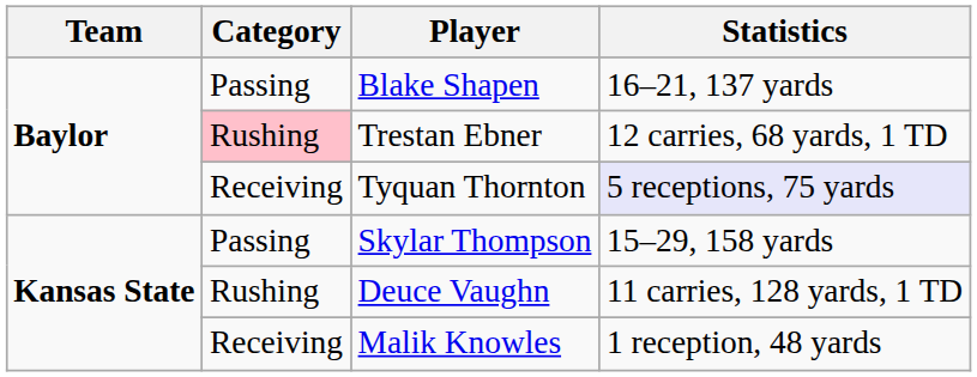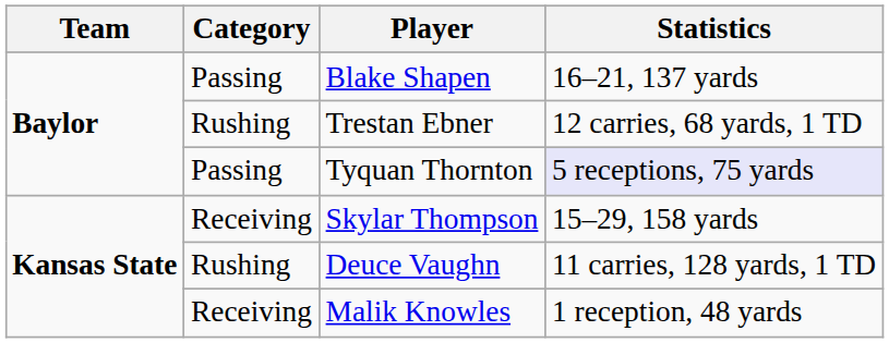 <table class="wikitable" style="float: right;">
 <tr>
 <th>Team</th>
 <th>Category</th>
 <th>Player</th>
 <th>Statistics</th>
 </tr>
 <tr>
 <td rowspan=3><strong>Baylor</strong></td>
 <td>Passing</td>
 <td><a href='#'>Blake Shapen</a></td>
 <td>16–21, 137 yards</td>
 </tr>
 <tr>
-<td style="background: pink;">Rushing</td>
+<td>Rushing</td>
 <td>Trestan Ebner</td>
 <td>12 carries, 68 yards, 1 TD</td>
 </tr>
 <tr>
-<td>Receiving</td>
+<td>Passing</td>
 <td>Tyquan Thornton</td>
 <td style="background: lavender;">5 receptions, 75 yards</td>
 </tr>
 <tr>
 <td rowspan=3><strong>Kansas State</strong></td>
-<td>Passing</td>
+<td>Receiving</td>
 <td><a href='#'>Skylar Thompson</a></td>
 <td>15–29, 158 yards</td>
 </tr>
 <tr>
 <td>Rushing</td>
 <td><a href='#'>Deuce Vaughn</a></td>
 <td>11 carries, 128 yards, 1 TD</td>
 </tr>
 <tr>
 <td>Receiving</td>
 <td><a href='#'>Malik Knowles</a></td>
 <td>1 reception, 48 yards</td>
 </tr>
 </table>
